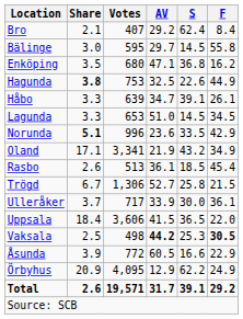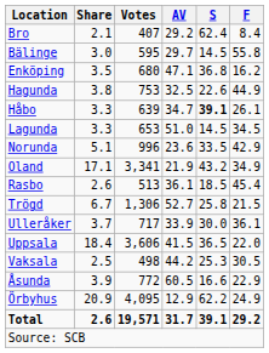 <table class="wikitable sortable" style=text-align:right>
 <tr>
 <th>Location</th>
 <th>Share</th>
 <th>Votes</th>
 <th><a href='#'>AV</a></th>
 <th><a href='#'>S</a></th>
 <th><a href='#'>F</a></th>
 </tr>
 <tr>
 <td align=left><a href='#'>Bro</a></td>
 <td>2.1</td>
 <td>407</td>
 <td>29.2</td>
 <td>62.4</td>
 <td>8.4</td>
 </tr>
 <tr>
 <td align=left><a href='#'>Bälinge</a></td>
 <td>3.0</td>
 <td>595</td>
 <td>29.7</td>
 <td>14.5</td>
 <td>55.8</td>
 </tr>
 <tr>
 <td align=left><a href='#'>Enköping</a></td>
 <td>3.5</td>
 <td>680</td>
 <td>47.1</td>
 <td>36.8</td>
 <td>16.2</td>
 </tr>
 <tr>
 <td align=left><a href='#'>Hagunda</a></td>
-<td><strong>3.8</strong></td>
+<td>3.8</td>
 <td>753</td>
 <td>32.5</td>
 <td>22.6</td>
 <td>44.9</td>
 </tr>
 <tr>
 <td align=left><a href='#'>Håbo</a></td>
 <td>3.3</td>
 <td>639</td>
 <td>34.7</td>
-<td>39.1</td>
+<td><strong>39.1</strong></td>
 <td>26.1</td>
 </tr>
 <tr>
 <td align=left><a href='#'>Lagunda</a></td>
 <td>3.3</td>
 <td>653</td>
 <td>51.0</td>
 <td>14.5</td>
 <td>34.5</td>
 </tr>
 <tr>
 <td align=left><a href='#'>Norunda</a></td>
-<td><strong>5.1</strong></td>
+<td>5.1</td>
 <td>996</td>
 <td>23.6</td>
 <td>33.5</td>
 <td>42.9</td>
 </tr>
 <tr>
 <td align=left><a href='#'>Oland</a></td>
 <td>17.1</td>
 <td>3,341</td>
 <td>21.9</td>
 <td>43.2</td>
 <td>34.9</td>
 </tr>
 <tr>
 <td align=left><a href='#'>Rasbo</a></td>
 <td>2.6</td>
 <td>513</td>
 <td>36.1</td>
 <td>18.5</td>
 <td>45.4</td>
 </tr>
 <tr>
 <td align=left><a href='#'>Trögd</a></td>
 <td>6.7</td>
 <td>1,306</td>
 <td>52.7</td>
 <td>25.8</td>
 <td>21.5</td>
 </tr>
 <tr>
 <td align=left><a href='#'>Ulleråker</a></td>
 <td>3.7</td>
 <td>717</td>
 <td>33.9</td>
 <td>30.0</td>
 <td>36.1</td>
 </tr>
 <tr>
 <td align=left><a href='#'>Uppsala</a></td>
 <td>18.4</td>
 <td>3,606</td>
 <td>41.5</td>
 <td>36.5</td>
 <td>22.0</td>
 </tr>
 <tr>
 <td align=left><a href='#'>Vaksala</a></td>
 <td>2.5</td>
 <td>498</td>
-<td><strong>44.2</strong></td>
+<td>44.2</td>
 <td>25.3</td>
-<td><strong>30.5</strong></td>
+<td>30.5</td>
 </tr>
 <tr>
 <td align=left><a href='#'>Åsunda</a></td>
 <td>3.9</td>
 <td>772</td>
 <td>60.5</td>
 <td>16.6</td>
 <td>22.9</td>
 </tr>
 <tr>
 <td align=left><a href='#'>Örbyhus</a></td>
 <td>20.9</td>
 <td>4,095</td>
 <td>12.9</td>
 <td>62.2</td>
 <td>24.9</td>
 </tr>
 <tr>
 <td align=left><strong>Total</strong></td>
 <td><strong>2.6</strong></td>
 <td><strong>19,571</strong></td>
 <td><strong>31.7</strong></td>
 <td><strong>39.1</strong></td>
 <td><strong>29.2</strong></td>
 </tr>
 <tr>
 <td align=left colspan=6>Source: SCB </td>
 </tr>
 </table>
